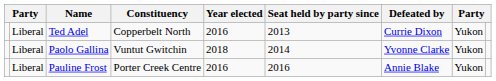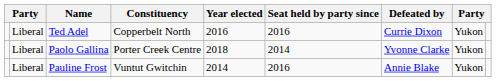 <table class="wikitable sortable" style="font-size: 95%;">
 <tr>
 <th colspan="2">Party</th>
 <th>Name</th>
 <th>Constituency</th>
 <th>Year elected</th>
 <th>Seat held by party since</th>
 <th>Defeated by</th>
 <th colspan="2">Party</th>
 </tr>
 <tr>
 <td style="background:"></td>
 <td>Liberal</td>
 <td><a href='#'>Ted Adel</a></td>
 <td>Copperbelt North</td>
 <td>2016</td>
-<td>2013</td>
+<td>2016</td>
 <td><a href='#'>Currie Dixon</a></td>
 <td>Yukon</td>
 <td style="background:"></td>
 </tr>
 <tr>
 <td style="background:"></td>
 <td>Liberal</td>
 <td><a href='#'>Paolo Gallina</a></td>
-<td>Vuntut Gwitchin</td>
+<td>Porter Creek Centre</td>
 <td>2018</td>
 <td>2014</td>
 <td><a href='#'>Yvonne Clarke</a></td>
 <td>Yukon</td>
 <td style="background:"></td>
 </tr>
 <tr>
 <td style="background:"></td>
 <td>Liberal</td>
 <td><a href='#'>Pauline Frost</a></td>
-<td>Porter Creek Centre</td>
-<td>2016</td>
+<td>Vuntut Gwitchin</td>
+<td>2014</td>
 <td>2016</td>
 <td><a href='#'>Annie Blake</a></td>
 <td>Yukon</td>
 <td style="background:"></td>
 </tr>
 </table>
